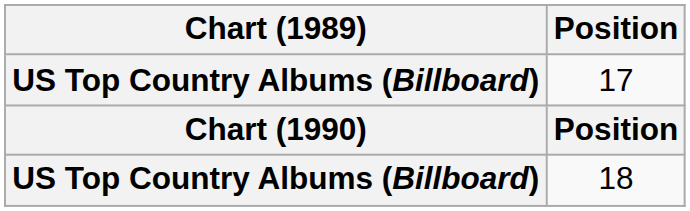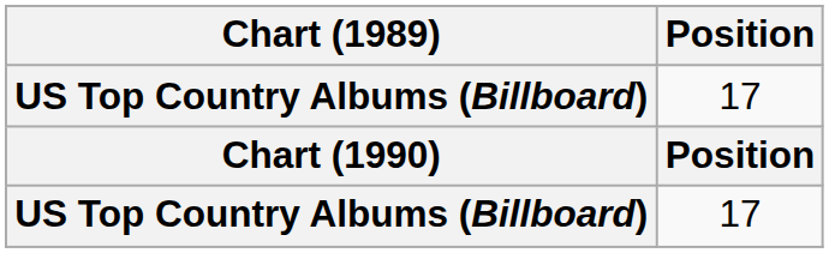 <table class="wikitable plainrowheaders" style="text-align:center">
 <tr>
 <th scope="col">Chart (1989)</th>
 <th scope="col">Position</th>
 </tr>
 <tr>
 <th scope="row">US Top Country Albums (<em>Billboard</em>)</th>
 <td>17</td>
 </tr>
 <tr>
 <th scope="col">Chart (1990)</th>
 <th scope="col">Position</th>
 </tr>
 <tr>
 <th scope="row">US Top Country Albums (<em>Billboard</em>)</th>
-<td>18</td>
+<td>17</td>
 </tr>
 </table>
